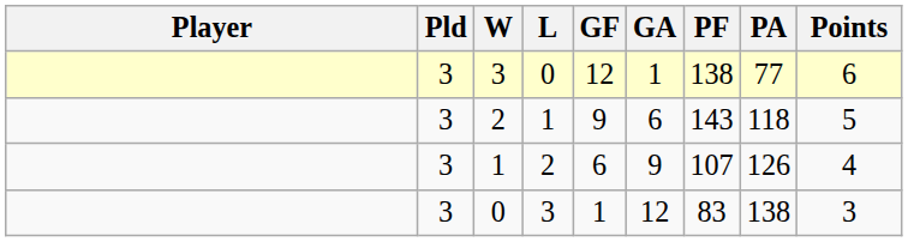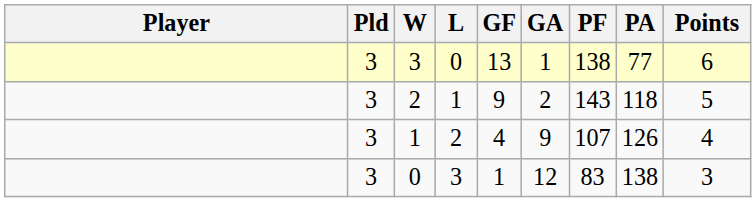 <table class=wikitable style="text-align:center;">
 <tr>
 <th width=220>Player</th>
 <th width=20>Pld</th>
 <th width=20>W</th>
 <th width=20>L</th>
 <th width=20>GF</th>
 <th width=20>GA</th>
 <th width=20>PF</th>
 <th width=20>PA</th>
 <th width=50>Points</th>
 </tr>
 <tr bgcolor=#ffffcc>
 <td style="text-align:left;"></td>
 <td>3</td>
 <td>3</td>
 <td>0</td>
-<td>12</td>
+<td>13</td>
 <td>1</td>
 <td>138</td>
 <td>77</td>
 <td>6</td>
 </tr>
 <tr>
 <td style="text-align:left;"></td>
 <td>3</td>
 <td>2</td>
 <td>1</td>
 <td>9</td>
-<td>6</td>
+<td>2</td>
 <td>143</td>
 <td>118</td>
 <td>5</td>
 </tr>
 <tr>
 <td style="text-align:left;"></td>
 <td>3</td>
 <td>1</td>
 <td>2</td>
-<td>6</td>
+<td>4</td>
 <td>9</td>
 <td>107</td>
 <td>126</td>
 <td>4</td>
 </tr>
 <tr>
 <td style="text-align:left;"></td>
 <td>3</td>
 <td>0</td>
 <td>3</td>
 <td>1</td>
 <td>12</td>
 <td>83</td>
 <td>138</td>
 <td>3</td>
 </tr>
 </table>
